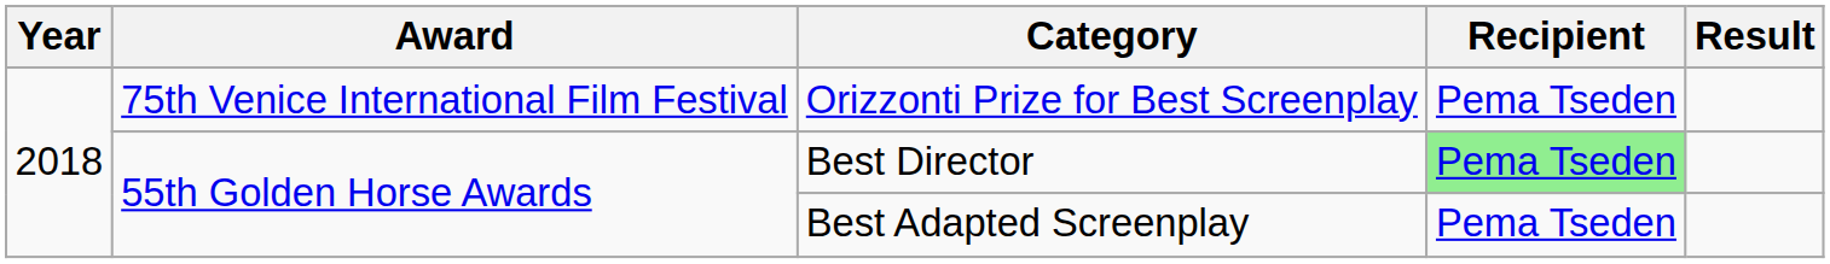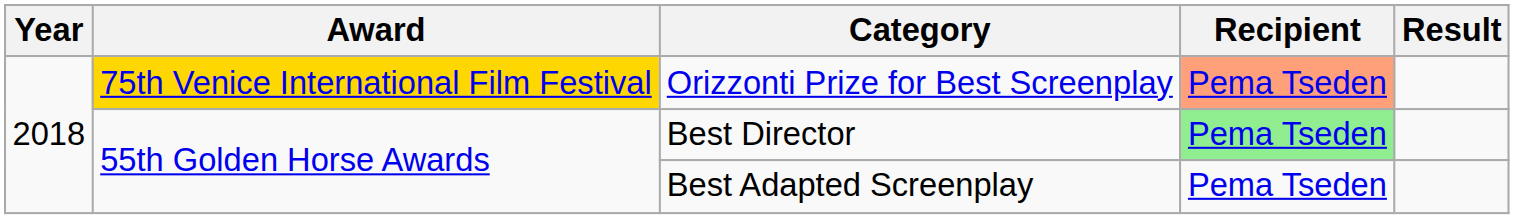 <table class="wikitable">
 <tr>
 <th>Year</th>
 <th>Award</th>
 <th>Category</th>
 <th>Recipient</th>
 <th>Result</th>
 </tr>
 <tr>
 <td rowspan=3>2018</td>
-<td><a href='#'>75th Venice International Film Festival</a></td>
+<td style="background: gold;"><a href='#'>75th Venice International Film Festival</a></td>
 <td><a href='#'>Orizzonti Prize for Best Screenplay</a></td>
-<td><a href='#'>Pema Tseden</a></td>
+<td style="background: lightsalmon;"><a href='#'>Pema Tseden</a></td>
 <td></td>
 </tr>
 <tr>
 <td rowspan=2><a href='#'>55th Golden Horse Awards</a></td>
 <td>Best Director</td>
 <td style="background: lightgreen;"><a href='#'>Pema Tseden</a></td>
 <td></td>
 </tr>
 <tr>
 <td>Best Adapted Screenplay</td>
 <td><a href='#'>Pema Tseden</a></td>
 <td></td>
 </tr>
 </table>
